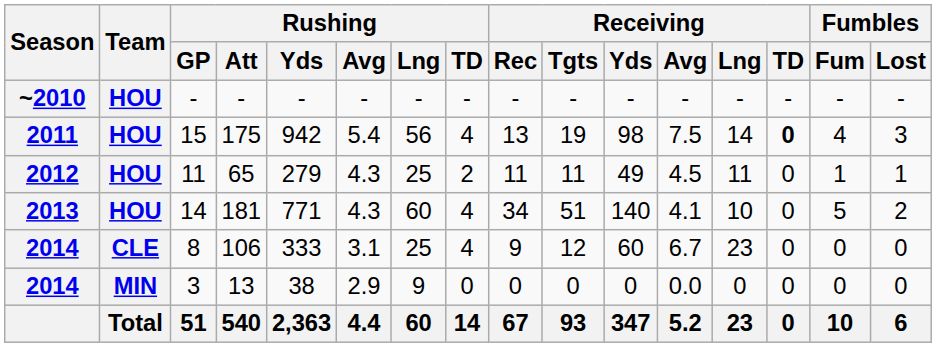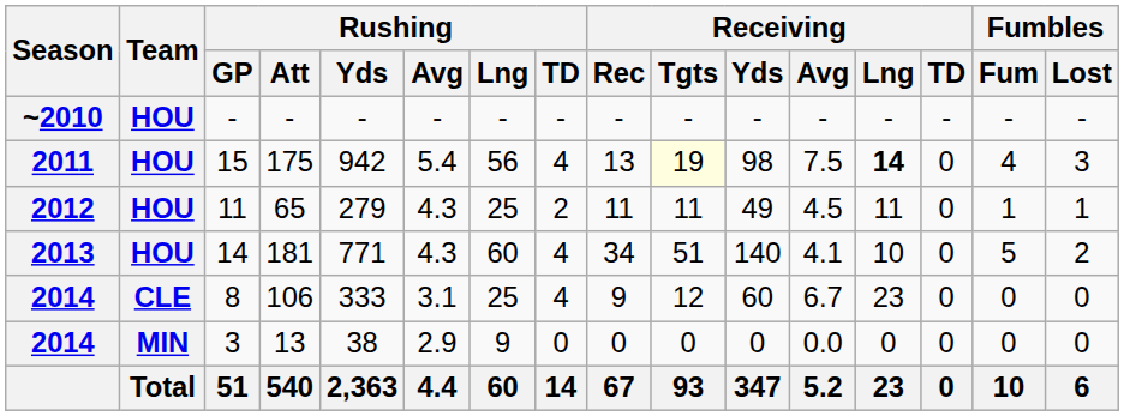 <table class=wikitable style="text-align:center;">
 <tr>
 <th rowspan=2>Season</th>
 <th rowspan=2>Team</th>
 <th colspan=6>Rushing</th>
 <th colspan=6>Receiving</th>
 <th colspan=2>Fumbles</th>
 </tr>
 <tr>
 <th>GP</th>
 <th>Att</th>
 <th>Yds</th>
 <th>Avg</th>
 <th>Lng</th>
 <th>TD</th>
 <th>Rec</th>
 <th>Tgts</th>
 <th>Yds</th>
 <th>Avg</th>
 <th>Lng</th>
 <th>TD</th>
 <th>Fum</th>
 <th>Lost</th>
 </tr>
 <tr>
 <th>~<a href='#'>2010</a></th>
 <th><a href='#'>HOU</a></th>
 <td>-</td>
 <td>-</td>
 <td>-</td>
 <td>-</td>
 <td>-</td>
 <td>-</td>
 <td>-</td>
 <td>-</td>
 <td>-</td>
 <td>-</td>
 <td>-</td>
 <td>-</td>
 <td>-</td>
 <td>-</td>
 </tr>
 <tr>
 <th><a href='#'>2011</a></th>
 <th><a href='#'>HOU</a></th>
 <td>15</td>
 <td>175</td>
 <td>942</td>
 <td>5.4</td>
 <td>56</td>
 <td>4</td>
 <td>13</td>
-<td>19</td>
+<td style="background: lightyellow;">19</td>
 <td>98</td>
 <td>7.5</td>
-<td>14</td>
-<td><strong>0</strong></td>
+<td><strong>14</strong></td>
+<td>0</td>
 <td>4</td>
 <td>3</td>
 </tr>
 <tr>
 <th><a href='#'>2012</a></th>
 <th><a href='#'>HOU</a></th>
 <td>11</td>
 <td>65</td>
 <td>279</td>
 <td>4.3</td>
 <td>25</td>
 <td>2</td>
 <td>11</td>
 <td>11</td>
 <td>49</td>
 <td>4.5</td>
 <td>11</td>
 <td>0</td>
 <td>1</td>
 <td>1</td>
 </tr>
 <tr>
 <th><a href='#'>2013</a></th>
 <th><a href='#'>HOU</a></th>
 <td>14</td>
 <td>181</td>
 <td>771</td>
 <td>4.3</td>
 <td>60</td>
 <td>4</td>
 <td>34</td>
 <td>51</td>
 <td>140</td>
 <td>4.1</td>
 <td>10</td>
 <td>0</td>
 <td>5</td>
 <td>2</td>
 </tr>
 <tr>
 <th><a href='#'>2014</a></th>
 <th><a href='#'>CLE</a></th>
 <td>8</td>
 <td>106</td>
 <td>333</td>
 <td>3.1</td>
 <td>25</td>
 <td>4</td>
 <td>9</td>
 <td>12</td>
 <td>60</td>
 <td>6.7</td>
 <td>23</td>
 <td>0</td>
 <td>0</td>
 <td>0</td>
 </tr>
 <tr>
 <th><a href='#'>2014</a></th>
 <th><a href='#'>MIN</a></th>
 <td>3</td>
 <td>13</td>
 <td>38</td>
 <td>2.9</td>
 <td>9</td>
 <td>0</td>
 <td>0</td>
 <td>0</td>
 <td>0</td>
 <td>0.0</td>
 <td>0</td>
 <td>0</td>
 <td>0</td>
 <td>0</td>
 </tr>
 <tr>
 <th></th>
 <th>Total</th>
 <th>51</th>
 <th>540</th>
 <th>2,363</th>
 <th>4.4</th>
 <th>60</th>
 <th>14</th>
 <th>67</th>
 <th>93</th>
 <th>347</th>
 <th>5.2</th>
 <th>23</th>
 <th>0</th>
 <th>10</th>
 <th>6</th>
 </tr>
 </table>
